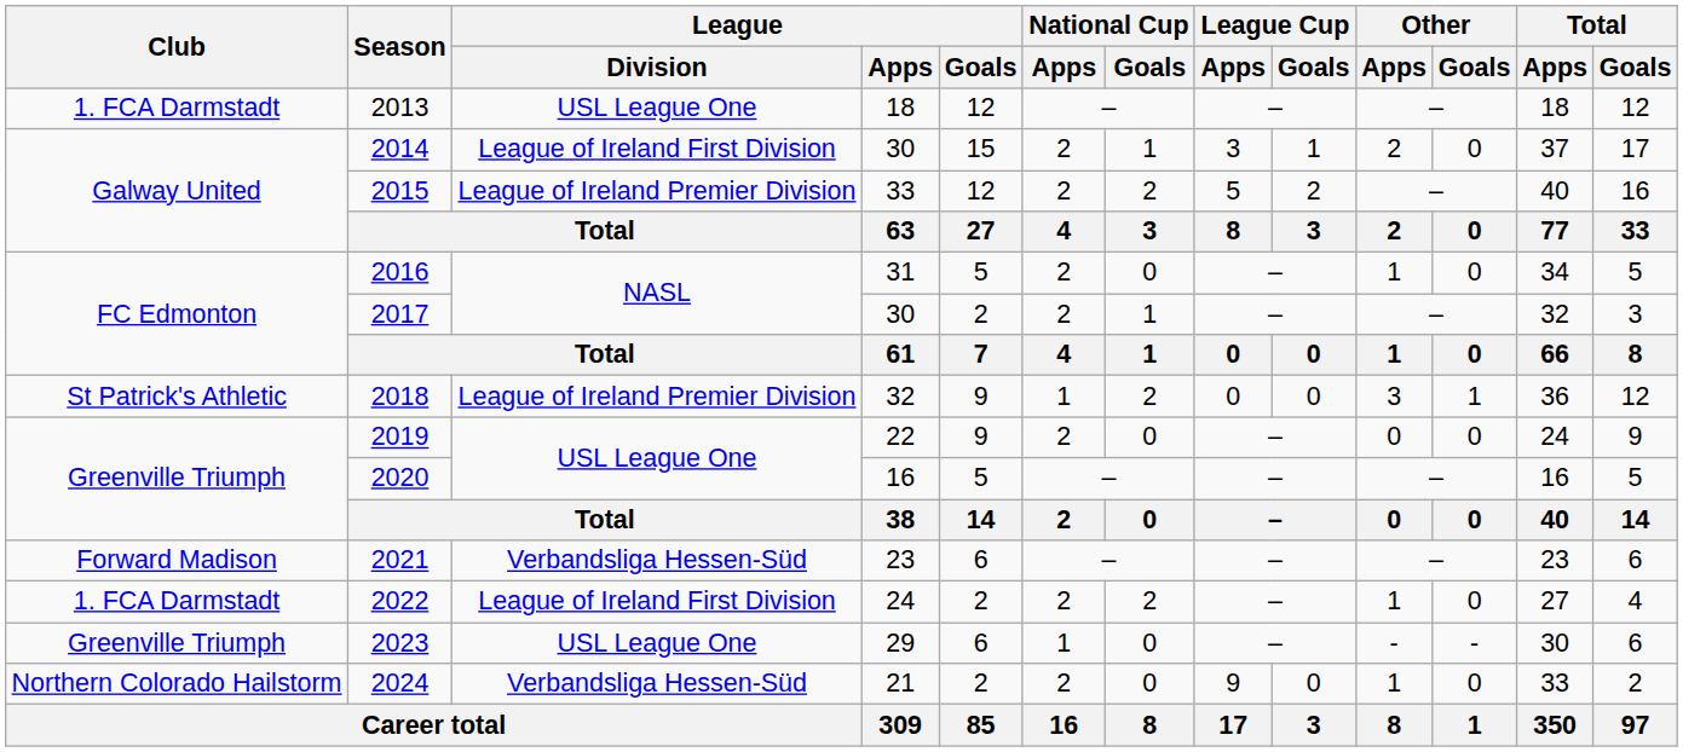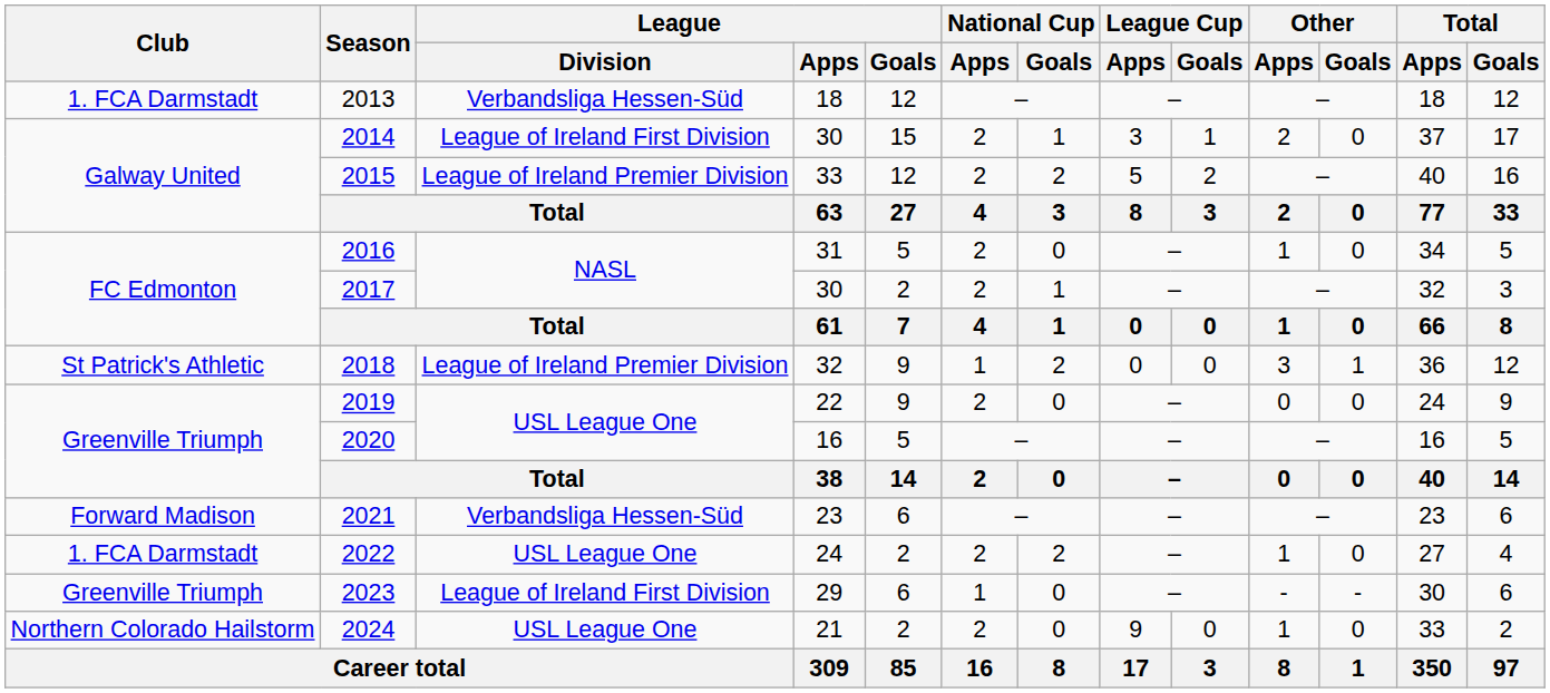 <table class="wikitable" style="text-align: center;">
 <tr>
 <th rowspan="2">Club</th>
 <th rowspan="2">Season</th>
 <th colspan="3">League</th>
 <th colspan="2">National Cup</th>
 <th colspan="2">League Cup</th>
 <th colspan="2">Other</th>
 <th colspan="2">Total</th>
 </tr>
 <tr>
 <th>Division</th>
 <th>Apps</th>
 <th>Goals</th>
 <th>Apps</th>
 <th>Goals</th>
 <th>Apps</th>
 <th>Goals</th>
 <th>Apps</th>
 <th>Goals</th>
 <th>Apps</th>
 <th>Goals</th>
 </tr>
 <tr>
 <td><a href='#'>1. FCA Darmstadt</a></td>
 <td>2013</td>
-<td><a href='#'>USL League One</a></td>
+<td><a href='#'>Verbandsliga Hessen-Süd</a></td>
 <td>18</td>
 <td>12</td>
 <td colspan="2">–</td>
 <td colspan="2">–</td>
 <td colspan="2">–</td>
 <td>18</td>
 <td>12</td>
 </tr>
 <tr>
 <td rowspan="3" valign="center"><a href='#'>Galway United</a></td>
 <td><a href='#'>2014</a></td>
 <td><a href='#'>League of Ireland First Division</a></td>
 <td>30</td>
 <td>15</td>
 <td>2</td>
 <td>1</td>
 <td>3</td>
 <td>1</td>
 <td>2</td>
 <td>0</td>
 <td>37</td>
 <td>17</td>
 </tr>
 <tr>
 <td><a href='#'>2015</a></td>
 <td><a href='#'>League of Ireland Premier Division</a></td>
 <td>33</td>
 <td>12</td>
 <td>2</td>
 <td>2</td>
 <td>5</td>
 <td>2</td>
 <td colspan="2">–</td>
 <td>40</td>
 <td>16</td>
 </tr>
 <tr>
 <th colspan="2">Total</th>
 <th>63</th>
 <th>27</th>
 <th>4</th>
 <th>3</th>
 <th>8</th>
 <th>3</th>
 <th>2</th>
 <th>0</th>
 <th>77</th>
 <th>33</th>
 </tr>
 <tr>
 <td rowspan="3" valign="center"><a href='#'>FC Edmonton</a></td>
 <td><a href='#'>2016</a></td>
 <td rowspan="2" valign="center"><a href='#'>NASL</a></td>
 <td>31</td>
 <td>5</td>
 <td>2</td>
 <td>0</td>
 <td colspan="2">–</td>
 <td>1</td>
 <td>0</td>
 <td>34</td>
 <td>5</td>
 </tr>
 <tr>
 <td><a href='#'>2017</a></td>
 <td>30</td>
 <td>2</td>
 <td>2</td>
 <td>1</td>
 <td colspan="2">–</td>
 <td colspan="2">–</td>
 <td>32</td>
 <td>3</td>
 </tr>
 <tr>
 <th colspan="2">Total</th>
 <th>61</th>
 <th>7</th>
 <th>4</th>
 <th>1</th>
 <th>0</th>
 <th>0</th>
 <th>1</th>
 <th>0</th>
 <th>66</th>
 <th>8</th>
 </tr>
 <tr>
 <td valign="center"><a href='#'>St Patrick's Athletic</a></td>
 <td><a href='#'>2018</a></td>
 <td><a href='#'>League of Ireland Premier Division</a></td>
 <td>32</td>
 <td>9</td>
 <td>1</td>
 <td>2</td>
 <td>0</td>
 <td>0</td>
 <td>3</td>
 <td>1</td>
 <td>36</td>
 <td>12</td>
 </tr>
 <tr>
 <td rowspan="3" valign="center"><a href='#'>Greenville Triumph</a></td>
 <td><a href='#'>2019</a></td>
 <td rowspan="2" valign="center"><a href='#'>USL League One</a></td>
 <td>22</td>
 <td>9</td>
 <td>2</td>
 <td>0</td>
 <td colspan="2">–</td>
 <td>0</td>
 <td>0</td>
 <td>24</td>
 <td>9</td>
 </tr>
 <tr>
 <td><a href='#'>2020</a></td>
 <td>16</td>
 <td>5</td>
 <td colspan="2">–</td>
 <td colspan="2">–</td>
 <td colspan="2">–</td>
 <td>16</td>
 <td>5</td>
 </tr>
 <tr>
 <th colspan="2”">Total</th>
 <th>38</th>
 <th>14</th>
 <th>2</th>
 <th>0</th>
 <th colspan="2">–</th>
 <th>0</th>
 <th>0</th>
 <th>40</th>
 <th>14</th>
 </tr>
 <tr>
 <td valign="center"><a href='#'>Forward Madison</a></td>
 <td><a href='#'>2021</a></td>
 <td><a href='#'>Verbandsliga Hessen-Süd</a></td>
 <td>23</td>
 <td>6</td>
 <td colspan="2">–</td>
 <td colspan="2">–</td>
 <td colspan="2">–</td>
 <td>23</td>
 <td>6</td>
 </tr>
 <tr>
 <td><a href='#'>1. FCA Darmstadt</a></td>
 <td><a href='#'>2022</a></td>
-<td><a href='#'>League of Ireland First Division</a></td>
+<td><a href='#'>USL League One</a></td>
 <td>24</td>
 <td>2</td>
 <td>2</td>
 <td>2</td>
 <td colspan="2">–</td>
 <td>1</td>
 <td>0</td>
 <td>27</td>
 <td>4</td>
 </tr>
 <tr>
 <td><a href='#'>Greenville Triumph</a></td>
 <td><a href='#'>2023</a></td>
-<td><a href='#'>USL League One</a></td>
+<td><a href='#'>League of Ireland First Division</a></td>
 <td>29</td>
 <td>6</td>
 <td>1</td>
 <td>0</td>
 <td colspan="2">–</td>
 <td>-</td>
 <td>-</td>
 <td>30</td>
 <td>6</td>
 </tr>
 <tr>
 <td><a href='#'>Northern Colorado Hailstorm</a></td>
 <td><a href='#'>2024</a></td>
-<td><a href='#'>Verbandsliga Hessen-Süd</a></td>
+<td><a href='#'>USL League One</a></td>
 <td>21</td>
 <td>2</td>
 <td>2</td>
 <td>0</td>
 <td>9</td>
 <td>0</td>
 <td>1</td>
 <td>0</td>
 <td 0>33</td>
 <td>2</td>
 </tr>
 <tr>
 <th colspan="3">Career total</th>
 <th>309</th>
 <th>85</th>
 <th>16</th>
 <th>8</th>
 <th>17</th>
 <th>3</th>
 <th>8</th>
 <th>1</th>
 <th>350</th>
 <th>97</th>
 </tr>
 </table>
